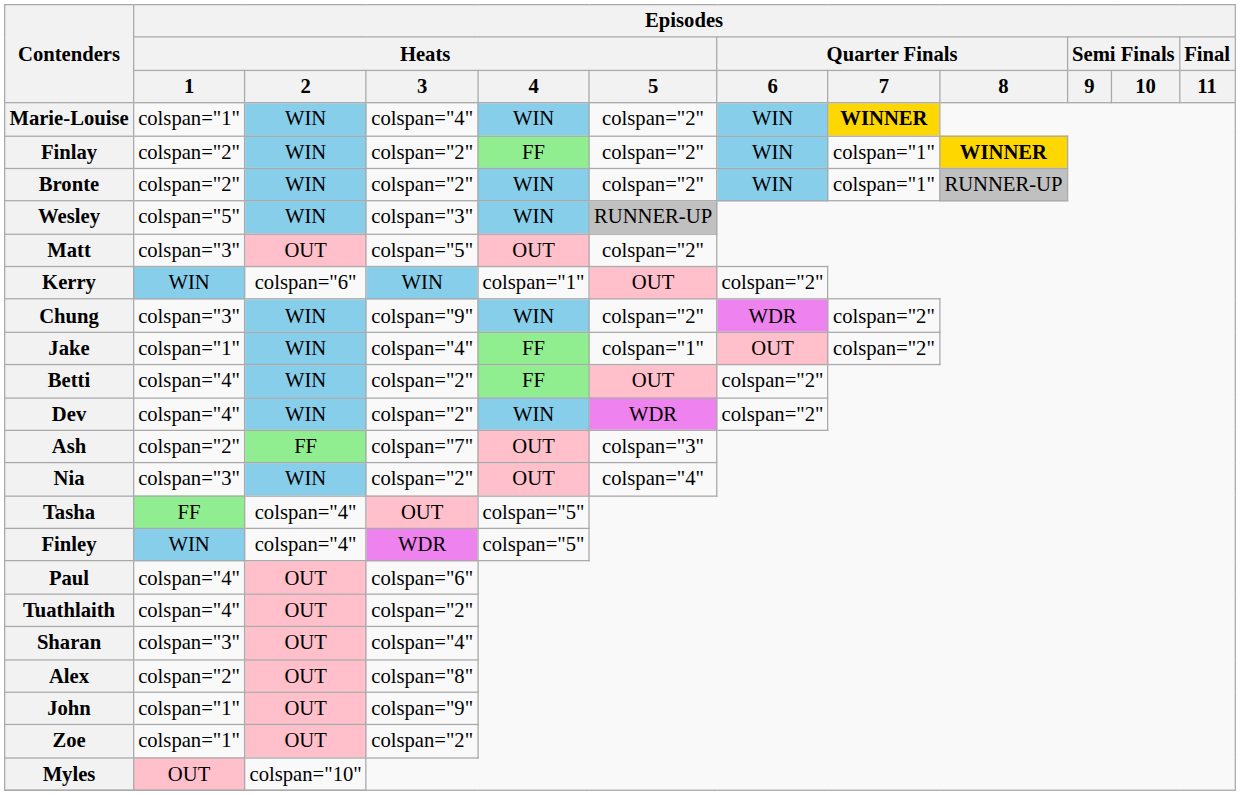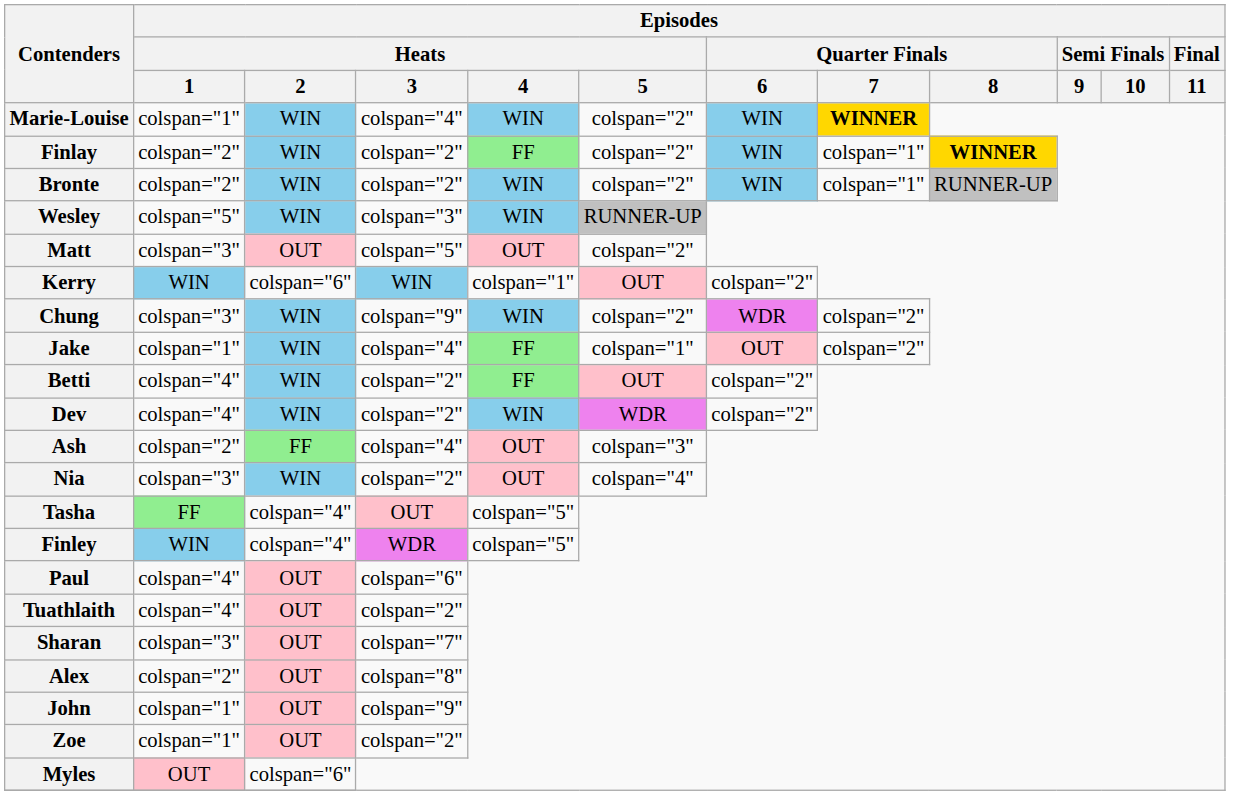 <table class="wikitable" style="text-align:center">
 <tr>
 <th rowspan="3">Contenders</th>
 <th colspan="11">Episodes</th>
 </tr>
 <tr>
 <th colspan="5">Heats</th>
 <th colspan="3">Quarter Finals</th>
 <th colspan="2">Semi Finals</th>
 <th colspan="1">Final</th>
 </tr>
 <tr>
 <th>1</th>
 <th>2</th>
 <th>3</th>
 <th>4</th>
 <th>5</th>
 <th>6</th>
 <th>7</th>
 <th>8</th>
 <th>9</th>
 <th>10</th>
 <th>11</th>
 </tr>
 <tr>
 <th>Marie-Louise</th>
 <td>colspan="1" </td>
 <td bgcolor="skyblue">WIN</td>
 <td>colspan="4" </td>
 <td bgcolor="skyblue">WIN</td>
 <td>colspan="2" </td>
 <td bgcolor="skyblue">WIN</td>
 <td bgcolor="gold"><strong>WINNER</strong></td>
 </tr>
 <tr>
 <th>Finlay</th>
 <td>colspan="2" </td>
 <td bgcolor="skyblue">WIN</td>
 <td>colspan="2" </td>
 <td bgcolor="lightgreen">FF</td>
 <td>colspan="2" </td>
 <td bgcolor="skyblue">WIN</td>
 <td>colspan="1" </td>
 <td bgcolor="gold"><strong>WINNER</strong></td>
 </tr>
 <tr>
 <th>Bronte</th>
 <td>colspan="2" </td>
 <td bgcolor="skyblue">WIN</td>
 <td>colspan="2" </td>
 <td bgcolor="skyblue">WIN</td>
 <td>colspan="2" </td>
 <td bgcolor="skyblue">WIN</td>
 <td>colspan="1" </td>
 <td bgcolor="silver">RUNNER-UP</td>
 </tr>
 <tr>
 <th>Wesley</th>
 <td>colspan="5" </td>
 <td bgcolor="skyblue">WIN</td>
 <td>colspan="3" </td>
 <td bgcolor="skyblue">WIN</td>
 <td bgcolor="silver">RUNNER-UP</td>
 </tr>
 <tr>
 <th>Matt</th>
 <td>colspan="3" </td>
 <td bgcolor="pink">OUT</td>
 <td>colspan="5" </td>
 <td bgcolor="pink">OUT</td>
 <td>colspan="2" </td>
 </tr>
 <tr>
 <th>Kerry</th>
 <td bgcolor="skyblue">WIN</td>
 <td>colspan="6" </td>
 <td bgcolor="skyblue">WIN</td>
 <td>colspan="1" </td>
 <td bgcolor="pink">OUT</td>
 <td>colspan="2" </td>
 </tr>
 <tr>
 <th>Chung</th>
 <td>colspan="3" </td>
 <td bgcolor="skyblue">WIN</td>
 <td>colspan="9" </td>
 <td bgcolor="skyblue">WIN</td>
 <td>colspan="2" </td>
 <td bgcolor="violet">WDR</td>
 <td>colspan="2" </td>
 </tr>
 <tr>
 <th>Jake</th>
 <td>colspan="1" </td>
 <td bgcolor="skyblue">WIN</td>
 <td>colspan="4" </td>
 <td bgcolor="lightgreen">FF</td>
 <td>colspan="1" </td>
 <td bgcolor="pink">OUT</td>
 <td>colspan="2" </td>
 </tr>
 <tr>
 <th>Betti</th>
 <td>colspan="4" </td>
 <td bgcolor="skyblue">WIN</td>
 <td>colspan="2" </td>
 <td bgcolor="lightgreen">FF</td>
 <td bgcolor="pink">OUT</td>
 <td>colspan="2" </td>
 </tr>
 <tr>
 <th>Dev</th>
 <td>colspan="4" </td>
 <td bgcolor="skyblue">WIN</td>
 <td>colspan="2" </td>
 <td bgcolor="skyblue">WIN</td>
 <td bgcolor="violet">WDR</td>
 <td>colspan="2" </td>
 </tr>
 <tr>
 <th>Ash</th>
 <td>colspan="2" </td>
 <td bgcolor="lightgreen">FF</td>
-<td>colspan="7" </td>
+<td>colspan="4" </td>
 <td bgcolor="pink">OUT</td>
 <td>colspan="3" </td>
 </tr>
 <tr>
 <th>Nia</th>
 <td>colspan="3" </td>
 <td bgcolor="skyblue">WIN</td>
 <td>colspan="2" </td>
 <td bgcolor="pink">OUT</td>
 <td>colspan="4" </td>
 </tr>
 <tr>
 <th>Tasha</th>
 <td bgcolor="lightgreen">FF</td>
 <td>colspan="4" </td>
 <td bgcolor="pink">OUT</td>
 <td>colspan="5" </td>
 </tr>
 <tr>
 <th>Finley</th>
 <td bgcolor="skyblue">WIN</td>
 <td>colspan="4" </td>
 <td bgcolor="violet">WDR</td>
 <td>colspan="5" </td>
 </tr>
 <tr>
 <th>Paul</th>
 <td>colspan="4" </td>
 <td bgcolor="pink">OUT</td>
 <td>colspan="6" </td>
 </tr>
 <tr>
 <th>Tuathlaith</th>
 <td>colspan="4" </td>
 <td bgcolor="pink">OUT</td>
 <td>colspan="2" </td>
 </tr>
 <tr>
 <th>Sharan</th>
 <td>colspan="3" </td>
 <td bgcolor="pink">OUT</td>
-<td>colspan="4" </td>
+<td>colspan="7" </td>
 </tr>
 <tr>
 <th>Alex</th>
 <td>colspan="2" </td>
 <td bgcolor="pink">OUT</td>
 <td>colspan="8" </td>
 </tr>
 <tr>
 <th>John</th>
 <td>colspan="1" </td>
 <td bgcolor="pink">OUT</td>
 <td>colspan="9" </td>
 </tr>
 <tr>
 <th>Zoe</th>
 <td>colspan="1" </td>
 <td bgcolor="pink">OUT</td>
 <td>colspan="2" </td>
 </tr>
 <tr>
 <th>Myles</th>
 <td bgcolor="pink">OUT</td>
-<td>colspan="10" </td>
+<td>colspan="6" </td>
 </tr>
 <tr>
 </tr>
 </table>
